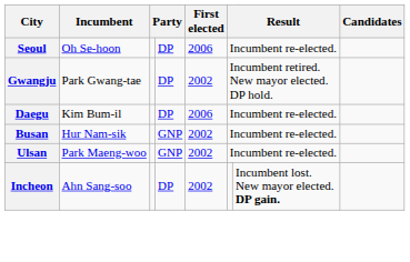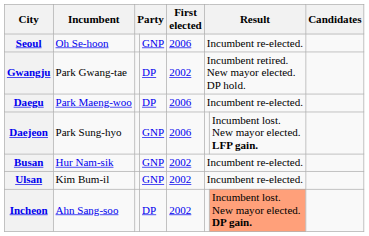 <table class="wikitable sortable">
 <tr>
 <th>City</th>
 <th>Incumbent</th>
 <th colspan="2">Party</th>
 <th>First<br>elected</th>
 <th colspan="2">Result</th>
 <th>Candidates</th>
 </tr>
 <tr>
 <th><a href='#'>Seoul</a></th>
 <td><a href='#'>Oh Se-hoon</a></td>
 <td bgcolor=></td>
-<td><a href='#'>DP</a></td>
+<td><a href='#'>GNP</a></td>
 <td><a href='#'>2006</a></td>
 <td colspan="2">Incumbent re-elected.</td>
 <td></td>
 </tr>
 <tr>
 <th><a href='#'>Gwangju</a></th>
 <td>Park Gwang-tae</td>
 <td></td>
 <td><a href='#'>DP</a></td>
 <td><a href='#'>2002</a></td>
 <td colspan="2">Incumbent retired.<br>New mayor elected.<br>DP hold.</td>
 <td></td>
 </tr>
 <tr>
 <th><a href='#'>Daegu</a></th>
-<td>Kim Bum-il</td>
+<td><a href='#'>Park Maeng-woo</a></td>
 <td></td>
 <td><a href='#'>DP</a></td>
 <td><a href='#'>2006</a></td>
 <td colspan="2">Incumbent re-elected.</td>
+<td></td>
+</tr>
+<tr>
+<th><a href='#'>Daejeon</a></th>
+<td>Park Sung-hyo</td>
+<td></td>
+<td><a href='#'>GNP</a></td>
+<td><a href='#'>2006</a></td>
+<td></td>
+<td>Incumbent lost.<br>New mayor elected.<br><strong>LFP gain.</strong></td>
 <td></td>
 </tr>
 <tr>
 <th><a href='#'>Busan</a></th>
 <td><a href='#'>Hur Nam-sik</a></td>
 <td></td>
 <td><a href='#'>GNP</a></td>
 <td><a href='#'>2002</a></td>
 <td colspan="2">Incumbent re-elected.</td>
 <td></td>
 </tr>
 <tr>
 <th><a href='#'>Ulsan</a></th>
-<td><a href='#'>Park Maeng-woo</a></td>
+<td>Kim Bum-il</td>
 <td></td>
 <td><a href='#'>GNP</a></td>
 <td><a href='#'>2002</a></td>
 <td colspan="2">Incumbent re-elected.</td>
 <td></td>
 </tr>
 <tr>
 <th><a href='#'>Incheon</a></th>
 <td><a href='#'>Ahn Sang-soo</a></td>
 <td></td>
 <td><a href='#'>DP</a></td>
 <td><a href='#'>2002</a></td>
 <td></td>
-<td>Incumbent lost.<br>New mayor elected.<br><strong>DP gain.</strong></td>
+<td style="background: lightsalmon;">Incumbent lost.<br>New mayor elected.<br><strong>DP gain.</strong></td>
 <td></td>
 </tr>
 </table>
